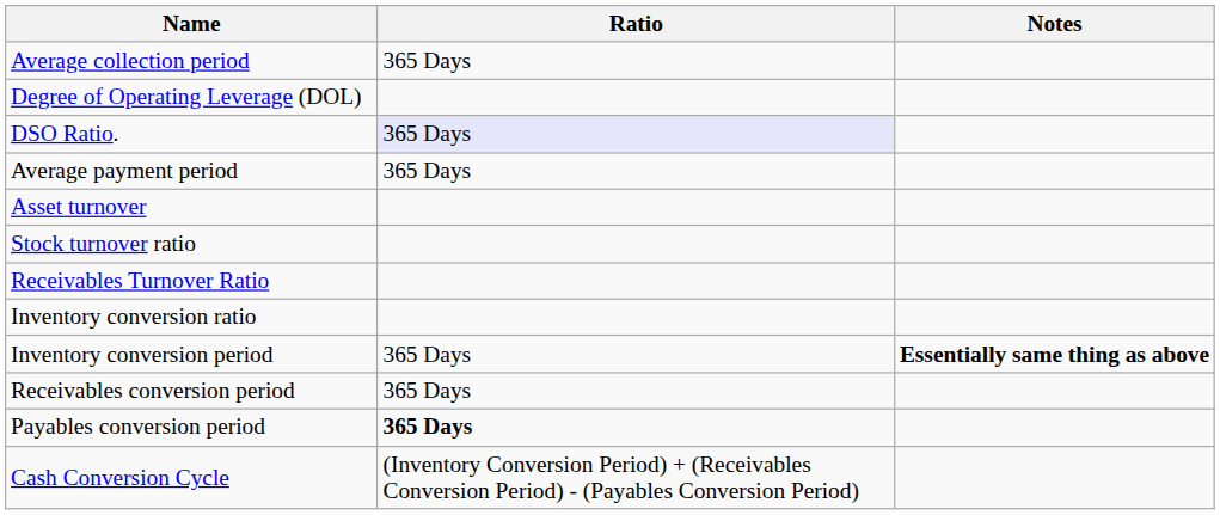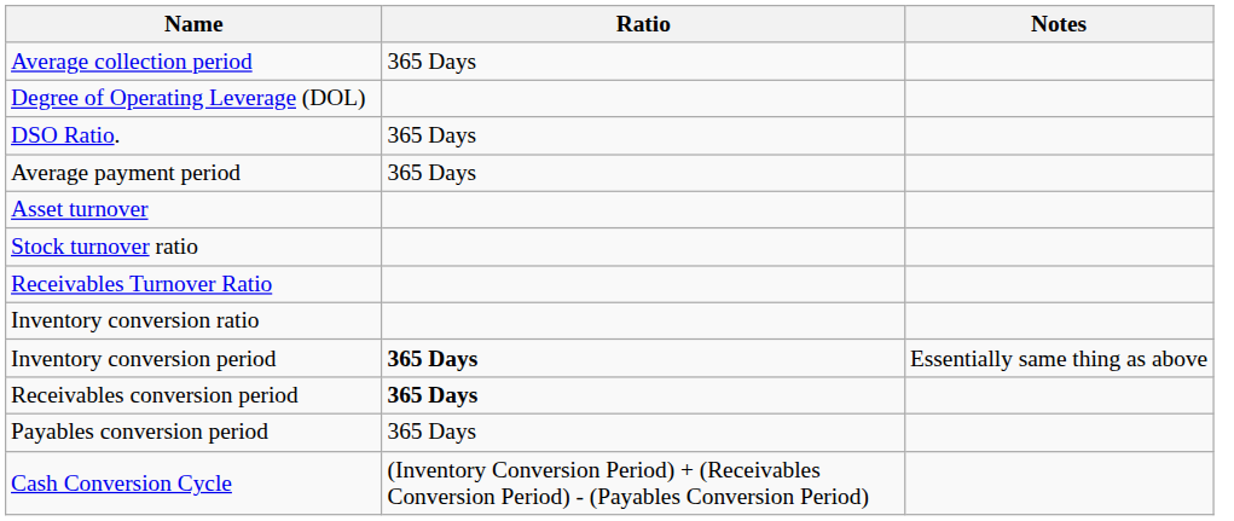 <table class="wikitable">
 <tr>
 <th scope="col" style="width: 250px;">Name</th>
 <th scope="col" style="width: 350px;">Ratio</th>
 <th>Notes</th>
 </tr>
 <tr>
 <td><a href='#'>Average collection period</a></td>
 <td>365 Days</td>
 <td></td>
 </tr>
 <tr>
 <td><a href='#'>Degree of Operating Leverage</a> (DOL)</td>
 <td></td>
 <td></td>
 </tr>
 <tr>
 <td><a href='#'>DSO Ratio</a>.</td>
-<td style="background: lavender;">365 Days</td>
+<td>365 Days</td>
 <td></td>
 </tr>
 <tr>
 <td>Average payment period</td>
 <td>365 Days</td>
 <td></td>
 </tr>
 <tr>
 <td><a href='#'>Asset turnover</a></td>
 <td></td>
 <td></td>
 </tr>
 <tr>
 <td><a href='#'>Stock turnover</a> ratio</td>
 <td></td>
 </tr>
 <tr>
 <td><a href='#'>Receivables Turnover Ratio</a></td>
 <td></td>
 <td></td>
 </tr>
 <tr>
 <td>Inventory conversion ratio</td>
 <td></td>
 <td></td>
 </tr>
 <tr>
 <td>Inventory conversion period</td>
-<td>365 Days</td>
-<td><strong>Essentially same thing as above</strong></td>
+<td><strong>365 Days</strong></td>
+<td>Essentially same thing as above</td>
 </tr>
 <tr>
 <td>Receivables conversion period</td>
-<td>365 Days</td>
+<td><strong>365 Days</strong></td>
 <td></td>
 </tr>
 <tr>
 <td>Payables conversion period</td>
-<td><strong>365 Days</strong></td>
+<td>365 Days</td>
 <td></td>
 </tr>
 <tr>
 <td><a href='#'>Cash Conversion Cycle</a></td>
 <td>(Inventory Conversion Period) + (Receivables Conversion Period) - (Payables Conversion Period)</td>
 <td></td>
 </tr>
 </table>
